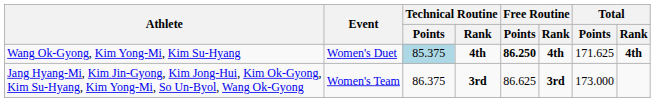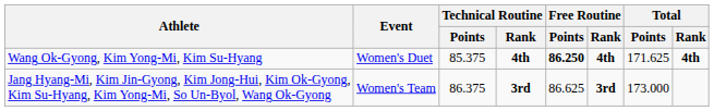 <table class=wikitable style="font-size:90%">
 <tr>
 <th rowspan=2>Athlete</th>
 <th rowspan=2>Event</th>
 <th colspan=2>Technical Routine</th>
 <th colspan=2>Free Routine</th>
 <th colspan=2>Total</th>
 </tr>
 <tr>
 <th>Points</th>
 <th>Rank</th>
 <th>Points</th>
 <th>Rank</th>
 <th>Points</th>
 <th>Rank</th>
 </tr>
 <tr>
 <td><a href='#'>Wang Ok-Gyong</a>, <a href='#'>Kim Yong-Mi</a>, <a href='#'>Kim Su-Hyang</a></td>
 <td><a href='#'>Women's Duet</a></td>
-<td align=center style="background: lightblue;">85.375</td>
+<td align=center>85.375</td>
 <td align=center><strong>4th</strong></td>
 <td align=center><strong>86.250</strong></td>
 <td align=center><strong>4th</strong></td>
 <td align=center>171.625</td>
 <td align=center><strong>4th</strong></td>
 </tr>
 <tr>
 <td><a href='#'>Jang Hyang-Mi</a>, <a href='#'>Kim Jin-Gyong</a>, <a href='#'>Kim Jong-Hui</a>, <a href='#'>Kim Ok-Gyong</a>,<br><a href='#'>Kim Su-Hyang</a>, <a href='#'>Kim Yong-Mi</a>, <a href='#'>So Un-Byol</a>, <a href='#'>Wang Ok-Gyong</a></td>
 <td><a href='#'>Women's Team</a></td>
 <td align=center>86.375</td>
 <td align=center><strong>3rd</strong></td>
 <td align=center>86.625</td>
 <td align=center><strong>3rd</strong></td>
 <td align=center>173.000</td>
 <td align=center></td>
 </tr>
 </table>
